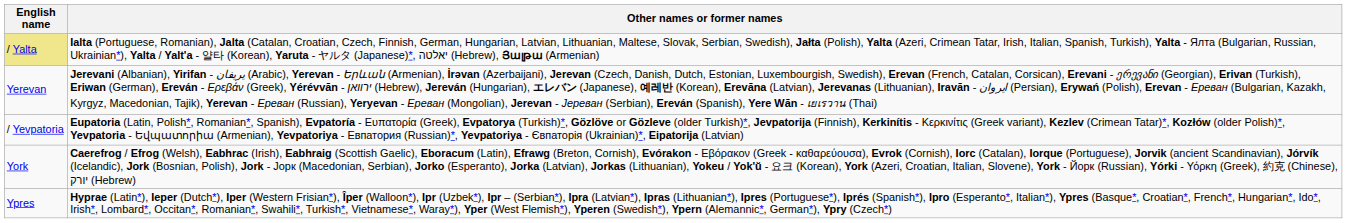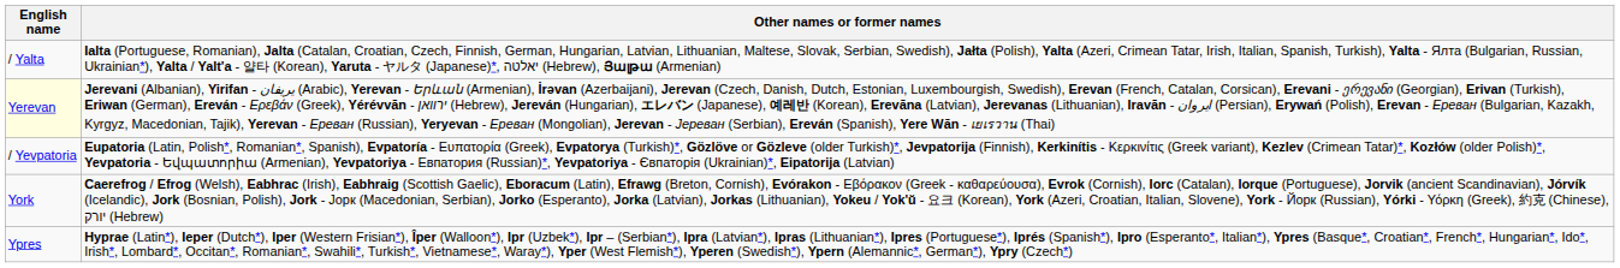 <table class="wikitable">
 <tr>
 <th>English name</th>
 <th>Other names or former names</th>
 </tr>
 <tr>
-<td style="background: khaki;">/ <a href='#'>Yalta</a></td>
+<td>/ <a href='#'>Yalta</a></td>
 <td><strong>Ialta</strong> (Portuguese, Romanian), <strong>Jalta</strong> (Catalan, Croatian, Czech, Finnish, German, Hungarian, Latvian, Lithuanian, Maltese, Slovak, Serbian, Swedish), <strong>Jałta</strong> (Polish), <strong>Yalta</strong> (Azeri, Crimean Tatar, Irish, Italian, Spanish, Turkish), <strong>Yalta</strong> - Ялта (Bulgarian, Russian, Ukrainian<a href='#'>*</a>), <strong>Yalta</strong> / <strong>Yalt'a</strong> - 얄타 (Korean), <strong>Yaruta</strong> - ヤルタ (Japanese)<a href='#'>*</a>, יאלטה (Hebrew), <strong>Յալթա</strong> (Armenian)</td>
 </tr>
 <tr>
-<td> <a href='#'>Yerevan</a></td>
+<td style="background: lightyellow;"> <a href='#'>Yerevan</a></td>
 <td><strong>Jerevani</strong> (Albanian), <strong>Yirifan</strong> - <em>يريفان</em> (Arabic), <strong>Yerevan</strong> - <em>Երևան</em> (Armenian), <strong>İrəvan</strong> (Azerbaijani), <strong>Jerevan</strong> (Czech, Danish, Dutch, Estonian, Luxembourgish, Swedish), <strong>Erevan</strong> (French, Catalan, Corsican), <strong>Erevani</strong> - <em>ერევანი</em> (Georgian), <strong>Erivan</strong> (Turkish), <strong>Eriwan</strong> (German), <strong>Ereván</strong> - <em>Ερεβάν</em> (Greek), <strong>Yérévvān</strong> - <em>ירוואן</em> (Hebrew), <strong>Jereván</strong> (Hungarian), <strong>エレバン</strong> (Japanese), <strong>예레반</strong> (Korean), <strong>Erevāna</strong> (Latvian), <strong>Jerevanas</strong> (Lithuanian), <strong>Iravān</strong> - <em>ایروان</em> (Persian), <strong>Erywań</strong> (Polish), <strong>Erevan</strong> - <em>Ереван</em> (Bulgarian, Kazakh, Kyrgyz, Macedonian, Tajik), <strong>Yerevan</strong> - <em>Ереван</em> (Russian), <strong>Yeryevan</strong> - <em>Ереван</em> (Mongolian), <strong>Jerevan</strong> - <em>Јереван</em> (Serbian), <strong>Ereván</strong> (Spanish), <strong>Yere Wān</strong> - <em>เยเรวาน</em> (Thai)</td>
 </tr>
 <tr>
 <td>/ <a href='#'>Yevpatoria</a></td>
 <td><strong>Eupatoria</strong> (Latin, Polish<a href='#'>*</a>, Romanian<a href='#'>*</a>, Spanish), <strong>Evpatoría</strong> - Ευπατορία (Greek), <strong>Evpatorya</strong> (Turkish)<a href='#'>*</a>, <strong>Gözlöve</strong> or <strong>Gözleve</strong> (older Turkish)<a href='#'>*</a>, <strong>Jevpatorija</strong> (Finnish), <strong>Kerkinítis</strong> - Κερκινίτις (Greek variant), <strong>Kezlev</strong> (Crimean Tatar)<a href='#'>*</a>, <strong>Kozłów</strong> (older Polish)<a href='#'>*</a>, <strong>Yevpatoria</strong> - Եվպատորիա (Armenian), <strong>Yevpatoriya</strong> - Евпатория (Russian)<a href='#'>*</a>, <strong>Yevpatoriya</strong> - Євпаторія (Ukrainian)<a href='#'>*</a>, <strong>Eipatorija</strong> (Latvian)</td>
 </tr>
 <tr>
 <td> <a href='#'>York</a></td>
 <td><strong>Caerefrog</strong> / <strong>Efrog</strong> (Welsh), <strong>Eabhrac</strong> (Irish), <strong>Eabhraig</strong> (Scottish Gaelic), <strong>Eboracum</strong> (Latin), <strong>Efrawg</strong> (Breton, Cornish), <strong>Evórakon</strong> - Εβόρακον (Greek - καθαρεύουσα), <strong>Evrok</strong> (Cornish), <strong>Iorc</strong> (Catalan), <strong>Iorque</strong> (Portuguese), <strong>Jorvik</strong> (ancient Scandinavian), <strong>Jórvík</strong> (Icelandic), <strong>Jork</strong> (Bosnian, Polish), <strong>Jork</strong> - Јорк (Macedonian, Serbian), <strong>Jorko</strong> (Esperanto), <strong>Jorka</strong> (Latvian), <strong>Jorkas</strong> (Lithuanian), <strong>Yokeu</strong> / <strong>Yok'ŭ</strong> - 요크 (Korean), <strong>York</strong> (Azeri, Croatian, Italian, Slovene), <strong>York</strong> - Йорк (Russian), <strong>Yórki</strong> - Υόρκη (Greek), 約克 (Chinese), יורק (Hebrew)</td>
 </tr>
 <tr>
 <td> <a href='#'>Ypres</a></td>
 <td><strong>Hyprae</strong> (Latin<a href='#'>*</a>), <strong>Ieper</strong> (Dutch<a href='#'>*</a>), <strong>Iper</strong> (Western Frisian<a href='#'>*</a>), <strong>Îper</strong> (Walloon<a href='#'>*</a>), <strong>Ipr</strong> (Uzbek<a href='#'>*</a>), <strong>Ipr</strong> –  (Serbian<a href='#'>*</a>), <strong>Ipra</strong> (Latvian<a href='#'>*</a>), <strong>Ipras</strong> (Lithuanian<a href='#'>*</a>), <strong>Ipres</strong> (Portuguese<a href='#'>*</a>), <strong>Iprés</strong> (Spanish<a href='#'>*</a>), <strong>Ipro</strong> (Esperanto<a href='#'>*</a>, Italian<a href='#'>*</a>), <strong>Ypres</strong> (Basque<a href='#'>*</a>, Croatian<a href='#'>*</a>, French<a href='#'>*</a>, Hungarian<a href='#'>*</a>, Ido<a href='#'>*</a>, Irish<a href='#'>*</a>, Lombard<a href='#'>*</a>, Occitan<a href='#'>*</a>, Romanian<a href='#'>*</a>, Swahili<a href='#'>*</a>, Turkish<a href='#'>*</a>, Vietnamese<a href='#'>*</a>, Waray<a href='#'>*</a>), <strong>Yper</strong> (West Flemish<a href='#'>*</a>), <strong>Yperen</strong> (Swedish<a href='#'>*</a>), <strong>Ypern</strong> (Alemannic<a href='#'>*</a>, German<a href='#'>*</a>), <strong>Ypry</strong> (Czech<a href='#'>*</a>)</td>
 </tr>
 </table>
